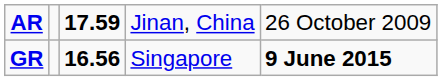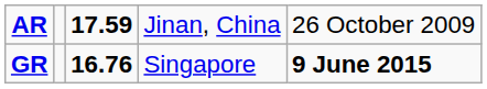 <table class="wikitable" style="font-size:95%; position:relative;">
 <tr>
 <td align=center><strong><a href='#'>AR</a></strong></td>
 <td></td>
 <td><strong>17.59</strong></td>
 <td><a href='#'>Jinan</a>, <a href='#'>China</a></td>
 <td>26 October 2009</td>
 </tr>
 <tr>
 <td align=center><strong><a href='#'>GR</a></strong></td>
 <td></td>
-<td><strong>16.56</strong></td>
+<td><strong>16.76</strong></td>
 <td><a href='#'>Singapore</a></td>
 <td><strong>9 June 2015</strong></td>
 </tr>
 </table>
